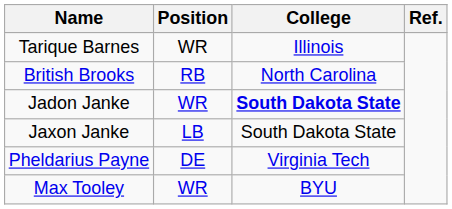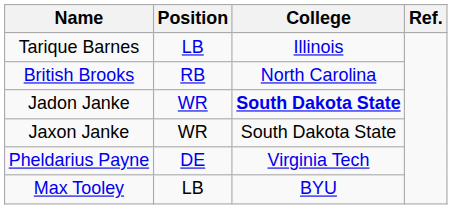 <table class="wikitable" style="text-align:center">
 <tr>
 <th>Name</th>
 <th>Position</th>
 <th>College</th>
 <th>Ref.</th>
 </tr>
 <tr>
 <td>Tarique Barnes</td>
-<td>WR</td>
+<td><a href='#'>LB</a></td>
 <td><a href='#'>Illinois</a></td>
 <td rowspan="6"></td>
 </tr>
 <tr>
 <td><a href='#'>British Brooks</a></td>
 <td><a href='#'>RB</a></td>
 <td><a href='#'>North Carolina</a></td>
 </tr>
 <tr>
 <td>Jadon Janke</td>
 <td><a href='#'>WR</a></td>
 <td><strong><a href='#'>South Dakota State</a></strong></td>
 </tr>
 <tr>
 <td>Jaxon Janke</td>
-<td><a href='#'>LB</a></td>
+<td>WR</td>
 <td>South Dakota State</td>
 </tr>
 <tr>
 <td><a href='#'>Pheldarius Payne</a></td>
 <td><a href='#'>DE</a></td>
 <td><a href='#'>Virginia Tech</a></td>
 </tr>
 <tr>
 <td><a href='#'>Max Tooley</a></td>
-<td><a href='#'>WR</a></td>
+<td>LB</td>
 <td><a href='#'>BYU</a></td>
 </tr>
 </table>
